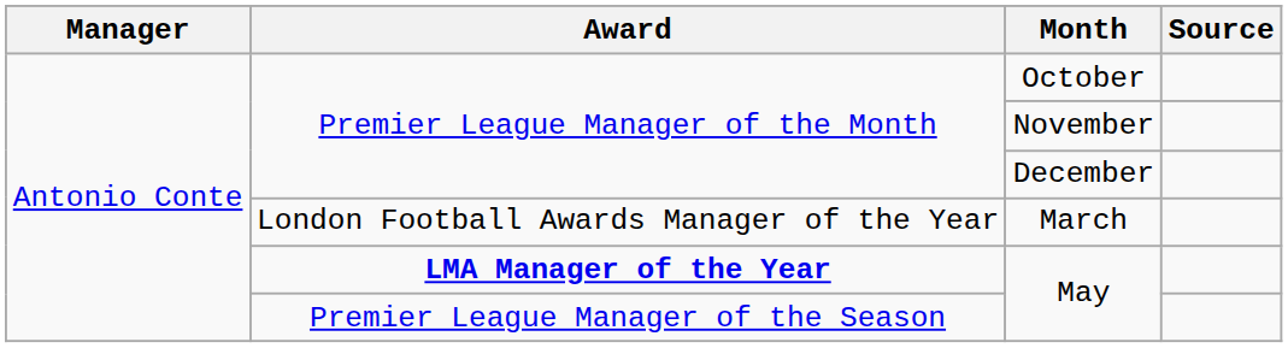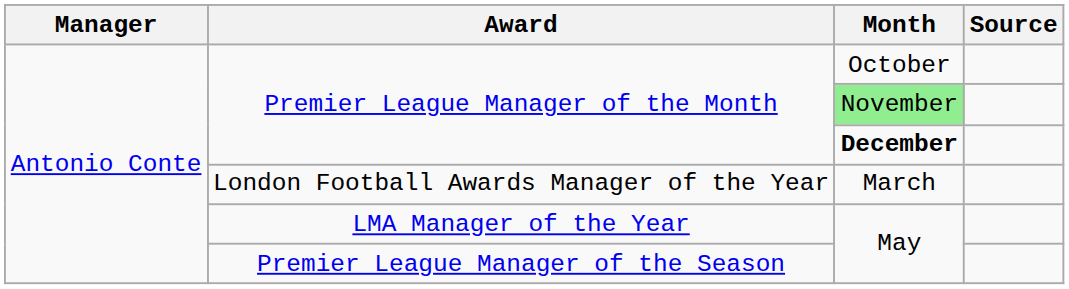 <table class="wikitable sortable" style="text-align:center">
 <tr>
 <th>Manager</th>
 <th>Award</th>
 <th>Month</th>
 <th>Source</th>
 </tr>
 <tr>
 <td rowspan=6> <a href='#'>Antonio Conte</a></td>
 <td rowspan=3><a href='#'>Premier League Manager of the Month</a></td>
 <td>October</td>
 <td></td>
 </tr>
 <tr>
-<td>November</td>
+<td style="background: lightgreen;">November</td>
 <td></td>
 </tr>
 <tr>
-<td>December</td>
+<td><strong>December</strong></td>
 <td></td>
 </tr>
 <tr>
 <td>London Football Awards Manager of the Year</td>
 <td>March</td>
 <td></td>
 </tr>
 <tr>
-<td><strong><a href='#'>LMA Manager of the Year</a></strong></td>
+<td><a href='#'>LMA Manager of the Year</a></td>
 <td rowspan=2>May</td>
 <td></td>
 </tr>
 <tr>
 <td><a href='#'>Premier League Manager of the Season</a></td>
 <td></td>
 </tr>
 </table>
